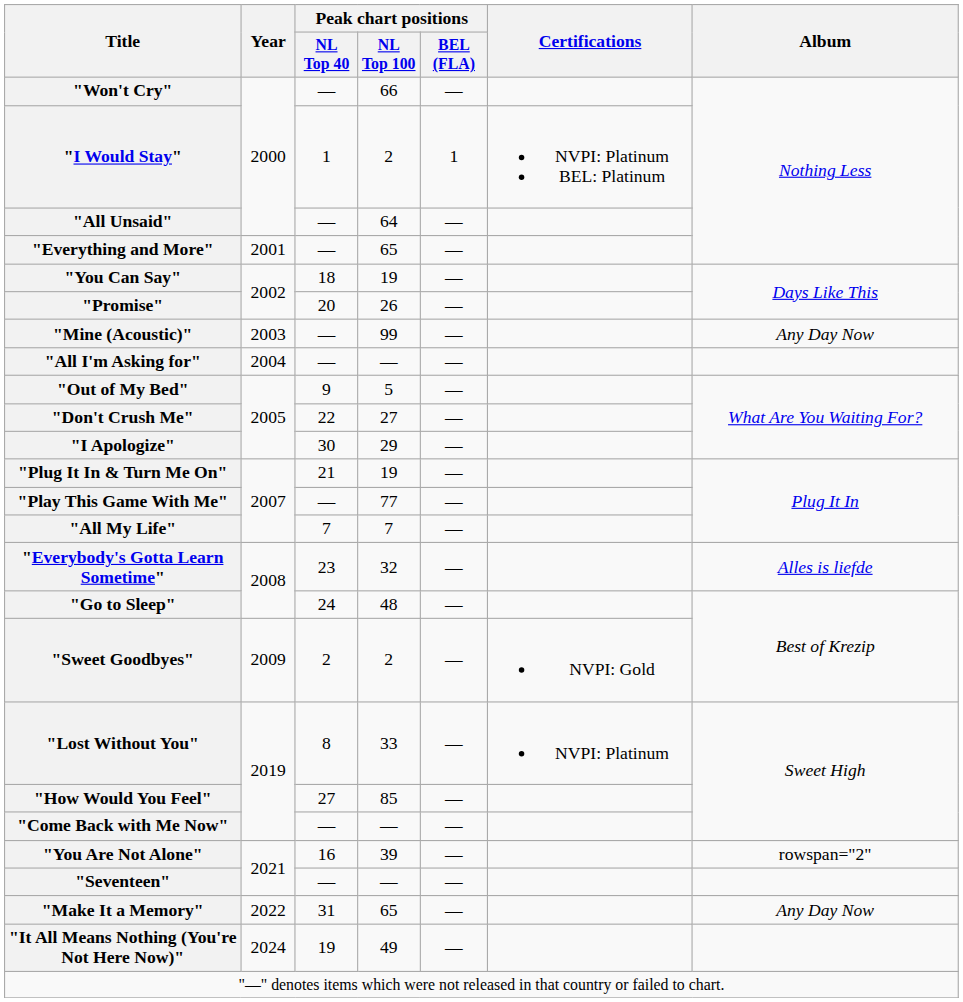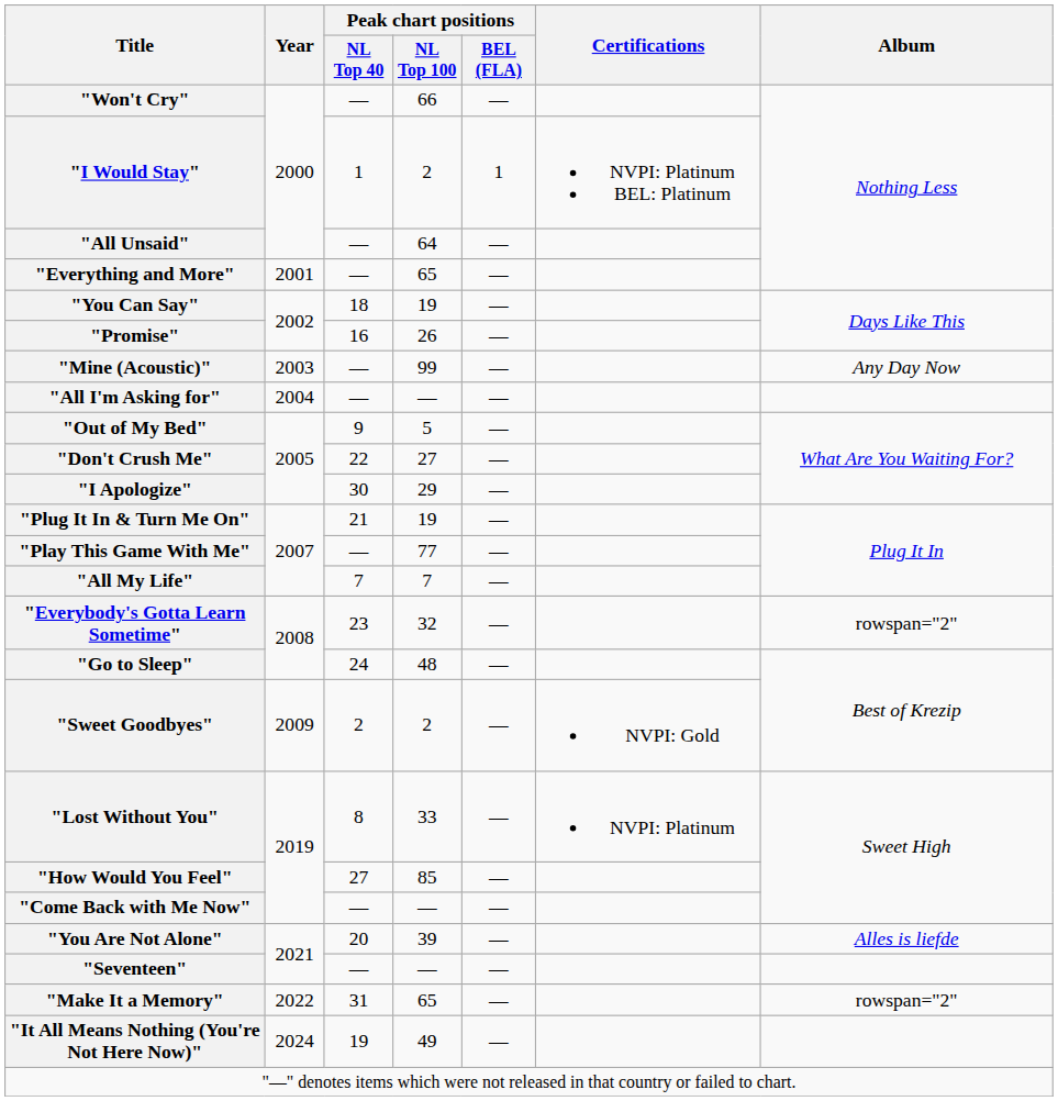 <table class="wikitable plainrowheaders" style="text-align:center;" border="1">
 <tr>
 <th scope="col" rowspan="2" style="width:17em;">Title</th>
 <th scope="col" rowspan="2" style="width:3em;">Year</th>
 <th scope="col" colspan="3">Peak chart positions</th>
 <th scope="col" rowspan="2" style="width:14em;"><a href='#'>Certifications</a></th>
 <th scope="col" rowspan="2" style="width:20em;">Album</th>
 </tr>
 <tr>
 <th scope="col" style="width:4.5em;font-size:90%;"><a href='#'>NL<br>Top 40</a><br></th>
 <th scope="col" style="width:4.5em;font-size:90%;"><a href='#'>NL<br>Top 100</a><br></th>
 <th scope="col" style="width:4.5em;font-size:90%;"><a href='#'>BEL<br>(FLA)</a><br></th>
 </tr>
 <tr>
 <th scope="row">"Won't Cry"</th>
 <td rowspan="3">2000</td>
 <td>—</td>
 <td>66</td>
 <td>—</td>
 <td></td>
 <td rowspan="4"><em><a href='#'>Nothing Less</a></em></td>
 </tr>
 <tr>
 <th scope="row">"<a href='#'>I Would Stay</a>"</th>
 <td>1</td>
 <td>2</td>
 <td>1</td>
 <td><br><ul><li>NVPI: Platinum</li><li>BEL: Platinum</li></ul></td>
 </tr>
 <tr>
 <th scope="row">"All Unsaid"</th>
 <td>—</td>
 <td>64</td>
 <td>—</td>
 <td></td>
 </tr>
 <tr>
 <th scope="row">"Everything and More"</th>
 <td>2001</td>
 <td>—</td>
 <td>65</td>
 <td>—</td>
 <td></td>
 </tr>
 <tr>
 <th scope="row">"You Can Say"</th>
 <td rowspan="2">2002</td>
 <td>18</td>
 <td>19</td>
 <td>—</td>
 <td></td>
 <td rowspan="2"><em><a href='#'>Days Like This</a></em></td>
 </tr>
 <tr>
 <th scope="row">"Promise"</th>
-<td>20</td>
+<td>16</td>
 <td>26</td>
 <td>—</td>
 <td></td>
 </tr>
 <tr>
 <th scope="row">"Mine (Acoustic)"</th>
 <td>2003</td>
 <td>—</td>
 <td>99</td>
 <td>—</td>
 <td></td>
 <td><em>Any Day Now</em></td>
 </tr>
 <tr>
 <th scope="row">"All I'm Asking for"</th>
 <td>2004</td>
 <td>—</td>
 <td>—</td>
 <td>—</td>
 <td></td>
 </tr>
 <tr>
 <th scope="row">"Out of My Bed"</th>
 <td rowspan="3">2005</td>
 <td>9</td>
 <td>5</td>
 <td>—</td>
 <td></td>
 <td rowspan="3"><em><a href='#'>What Are You Waiting For?</a></em></td>
 </tr>
 <tr>
 <th scope="row">"Don't Crush Me"</th>
 <td>22</td>
 <td>27</td>
 <td>—</td>
 <td></td>
 </tr>
 <tr>
 <th scope="row">"I Apologize"</th>
 <td>30</td>
 <td>29</td>
 <td>—</td>
 <td></td>
 </tr>
 <tr>
 <th scope="row">"Plug It In & Turn Me On"</th>
 <td rowspan="3">2007</td>
 <td>21</td>
 <td>19</td>
 <td>—</td>
 <td></td>
 <td rowspan="3"><em><a href='#'>Plug It In</a></em></td>
 </tr>
 <tr>
 <th scope="row">"Play This Game With Me"</th>
 <td>—</td>
 <td>77</td>
 <td>—</td>
 <td></td>
 </tr>
 <tr>
 <th scope="row">"All My Life"</th>
 <td>7</td>
 <td>7</td>
 <td>—</td>
 <td></td>
 </tr>
 <tr>
 <th scope="row">"<a href='#'>Everybody's Gotta Learn Sometime</a>"</th>
 <td rowspan="2">2008</td>
 <td>23</td>
 <td>32</td>
 <td>—</td>
 <td></td>
-<td><em><a href='#'>Alles is liefde</a></em></td>
+<td>rowspan="2" </td>
 </tr>
 <tr>
 <th scope="row">"Go to Sleep"</th>
 <td>24</td>
 <td>48</td>
 <td>—</td>
 <td></td>
 <td rowspan="2"><em>Best of Krezip</em></td>
 </tr>
 <tr>
 <th scope="row">"Sweet Goodbyes"</th>
 <td>2009</td>
 <td>2</td>
 <td>2</td>
 <td>—</td>
 <td><br><ul><li>NVPI: Gold</li></ul></td>
 </tr>
 <tr>
 <th scope="row">"Lost Without You"</th>
 <td rowspan="3">2019</td>
 <td>8</td>
 <td>33</td>
 <td>—</td>
 <td><br><ul><li>NVPI: Platinum</li></ul></td>
 <td rowspan="3"><em>Sweet High</em></td>
 </tr>
 <tr>
 <th scope="row">"How Would You Feel"</th>
 <td>27</td>
 <td>85</td>
 <td>—</td>
 <td></td>
 </tr>
 <tr>
 <th scope="row">"Come Back with Me Now"</th>
 <td>—</td>
 <td>—</td>
 <td>—</td>
 <td></td>
 </tr>
 <tr>
 <th scope="row">"You Are Not Alone"</th>
 <td rowspan="2">2021</td>
-<td>16</td>
+<td>20</td>
 <td>39</td>
 <td>—</td>
 <td></td>
-<td>rowspan="2" </td>
+<td><em><a href='#'>Alles is liefde</a></em></td>
 </tr>
 <tr>
 <th scope="row">"Seventeen"</th>
 <td>—</td>
 <td>—</td>
 <td>—</td>
 <td></td>
 </tr>
 <tr>
 <th scope="row">"Make It a Memory"<br></th>
 <td>2022</td>
 <td>31</td>
 <td>65</td>
 <td>—</td>
 <td></td>
-<td><em>Any Day Now</em></td>
+<td>rowspan="2" </td>
 </tr>
 <tr>
 <th scope="row">"It All Means Nothing (You're Not Here Now)"<br></th>
 <td>2024</td>
 <td>19</td>
 <td>49</td>
 <td>—</td>
 <td></td>
 <td></td>
 </tr>
 <tr>
 <td colspan="7" align="center" style="font-size:90%;">"—" denotes items which were not released in that country or failed to chart.</td>
 </tr>
 </table>
